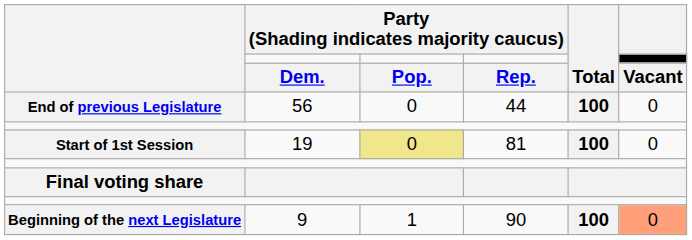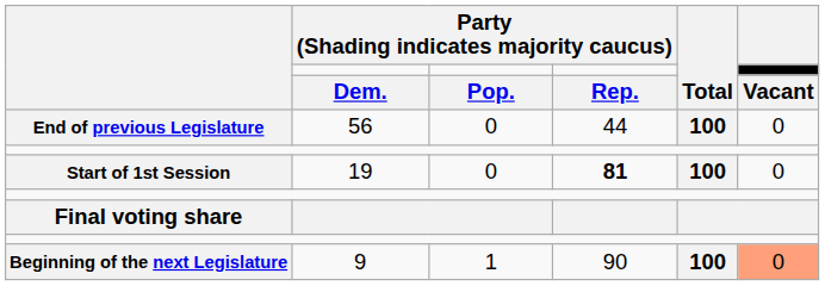 <table class=wikitable style="text-align:center">
 <tr style="vertical-align:bottom;">
 <th rowspan=3></th>
 <th colspan=3>Party <div>(Shading indicates majority caucus)</div></th>
 <th rowspan=3>Total</th>
 <th></th>
 </tr>
 <tr style="height:5px">
 <td style="background-color:"></td>
 <td style="background-color:"></td>
 <td style="background-color:"></td>
 <td style="background:black;"></td>
 </tr>
 <tr>
 <th><a href='#'>Dem.</a></th>
 <th><a href='#'>Pop.</a></th>
 <th><a href='#'>Rep.</a></th>
 <th>Vacant</th>
 </tr>
 <tr>
 <th style="font-size:80%;">End of <a href='#'>previous Legislature</a></th>
 <td>56</td>
 <td>0</td>
 <td>44</td>
 <th>100</th>
 <td>0</td>
 </tr>
 <tr>
 <td colspan=6></td>
 </tr>
 <tr>
 <th style="font-size:80%;">Start of 1st Session</th>
 <td>19</td>
-<td style="background: khaki;">0</td>
-<td>81</td>
+<td>0</td>
+<td><strong>81</strong></td>
 <th>100</th>
 <td>0</td>
 </tr>
 <tr>
 <td colspan=6></td>
 </tr>
 <tr>
 <th>Final voting share</th>
 <th colspan=2></th>
 <th></th>
 <th colspan=2></th>
 </tr>
 <tr>
 <td colspan=7></td>
 </tr>
 <tr>
 <th style="font-size:80%;">Beginning of the <a href='#'>next Legislature</a></th>
 <td>9</td>
 <td>1</td>
 <td>90</td>
 <th>100</th>
 <td style="background: lightsalmon;">0</td>
 </tr>
 </table>
